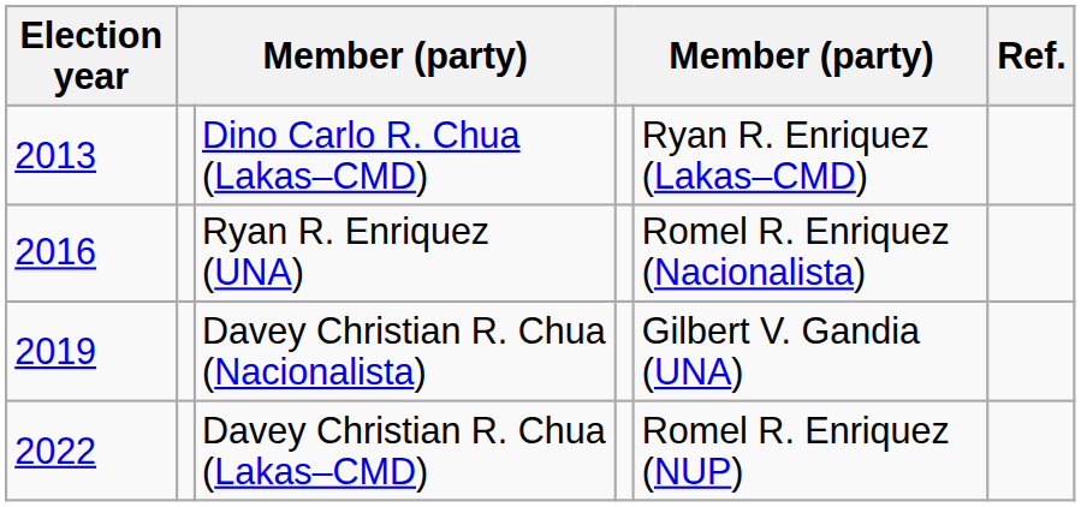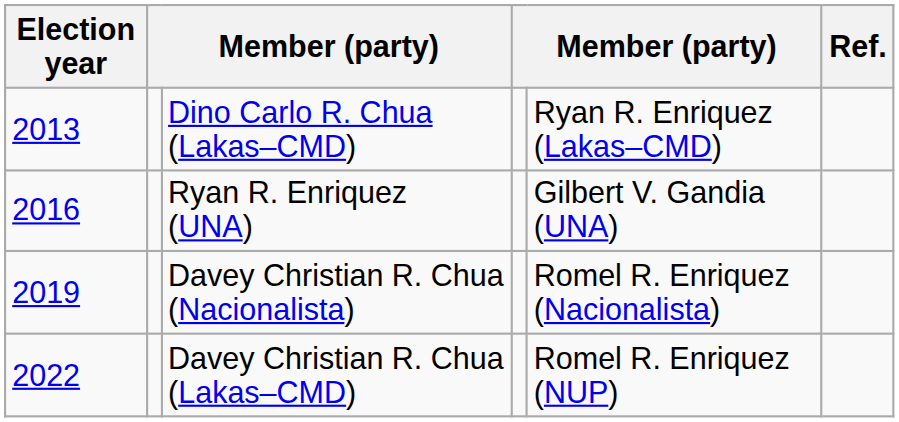 <table class="wikitable" style="font-size:90%">
 <tr>
 <th width="60px">Election<br>year</th>
 <th colspan="2" width="140px">Member (party)</th>
 <th colspan="2" width="140px">Member (party)</th>
 <th>Ref.</th>
 </tr>
 <tr>
 <td><a href='#'>2013</a></td>
 <td></td>
 <td><a href='#'>Dino Carlo R. Chua</a><br>(<a href='#'>Lakas–CMD</a>)</td>
 <td></td>
 <td>Ryan R. Enriquez<br>(<a href='#'>Lakas–CMD</a>)</td>
 <td></td>
 </tr>
 <tr>
 <td><a href='#'>2016</a></td>
 <td></td>
 <td>Ryan R. Enriquez<br>(<a href='#'>UNA</a>)</td>
 <td></td>
-<td>Romel R. Enriquez<br>(<a href='#'>Nacionalista</a>)</td>
+<td>Gilbert V. Gandia<br>(<a href='#'>UNA</a>)</td>
 <td></td>
 </tr>
 <tr>
 <td><a href='#'>2019</a></td>
 <td></td>
 <td>Davey Christian R. Chua<br>(<a href='#'>Nacionalista</a>)</td>
 <td></td>
-<td>Gilbert V. Gandia<br>(<a href='#'>UNA</a>)</td>
+<td>Romel R. Enriquez<br>(<a href='#'>Nacionalista</a>)</td>
 <td></td>
 </tr>
 <tr>
 <td><a href='#'>2022</a></td>
 <td></td>
 <td>Davey Christian R. Chua<br>(<a href='#'>Lakas–CMD</a>)</td>
 <td></td>
 <td>Romel R. Enriquez<br>(<a href='#'>NUP</a>)</td>
 <td></td>
 </tr>
 </table>
